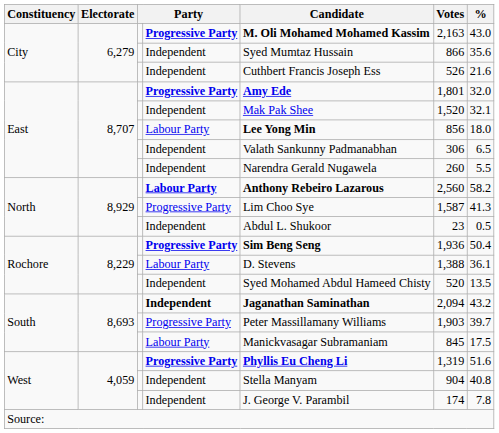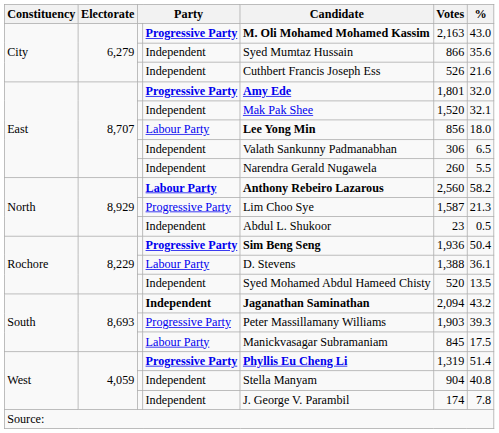 <table class="wikitable sortable">
 <tr>
 <th>Constituency</th>
 <th>Electorate</th>
 <th colspan="2">Party</th>
 <th>Candidate</th>
 <th>Votes</th>
 <th>%</th>
 </tr>
 <tr>
 <td rowspan="3">City</td>
 <td rowspan="3" align="right">6,279</td>
 <td style="color:inherit;background:"></td>
 <td><strong><a href='#'>Progressive Party</a></strong></td>
 <td><strong>M. Oli Mohamed Mohamed Kassim</strong></td>
 <td align="right">2,163</td>
 <td align=right>43.0</td>
 </tr>
 <tr>
 <td style="color:inherit;background:"></td>
 <td>Independent</td>
 <td>Syed Mumtaz Hussain</td>
 <td align="right">866</td>
 <td align=right>35.6</td>
 </tr>
 <tr>
 <td style="color:inherit;background:"></td>
 <td>Independent</td>
 <td>Cuthbert Francis Joseph Ess</td>
 <td align="right">526</td>
 <td>21.6</td>
 </tr>
 <tr>
 <td rowspan="5">East</td>
 <td rowspan="5" align="right">8,707</td>
 <td style="color:inherit;background:"></td>
 <td><strong><a href='#'>Progressive Party</a></strong></td>
 <td><strong><a href='#'>Amy Ede</a></strong></td>
 <td align="right">1,801</td>
 <td align=right>32.0</td>
 </tr>
 <tr>
 <td style="color:inherit;background:"></td>
 <td>Independent</td>
 <td><a href='#'>Mak Pak Shee</a></td>
 <td align="right">1,520</td>
 <td align=right>32.1</td>
 </tr>
 <tr>
 <td style="color:inherit;background:"></td>
 <td><a href='#'>Labour Party</a></td>
 <td><strong>Lee Yong Min</strong></td>
 <td align="right">856</td>
 <td align=right>18.0</td>
 </tr>
 <tr>
 <td style="color:inherit;background:"></td>
 <td>Independent</td>
 <td>Valath Sankunny Padmanabhan</td>
 <td align="right">306</td>
 <td align=right>6.5</td>
 </tr>
 <tr>
 <td style="color:inherit;background:"></td>
 <td>Independent</td>
 <td>Narendra Gerald Nugawela</td>
 <td align="right">260</td>
 <td align=right>5.5</td>
 </tr>
 <tr>
 <td rowspan="3">North</td>
 <td rowspan="3" align="right">8,929</td>
 <td style="color:inherit;background:"></td>
 <td><strong><a href='#'>Labour Party</a></strong></td>
 <td><strong>Anthony Rebeiro Lazarous</strong></td>
 <td align="right">2,560</td>
 <td align=right>58.2</td>
 </tr>
 <tr>
 <td style="color:inherit;background:"></td>
 <td><a href='#'>Progressive Party</a></td>
 <td>Lim Choo Sye</td>
 <td align="right">1,587</td>
-<td align=right>41.3</td>
+<td align=right>21.3</td>
 </tr>
 <tr>
 <td style="color:inherit;background:"></td>
 <td>Independent</td>
 <td>Abdul L. Shukoor</td>
 <td align="right">23</td>
 <td align=right>0.5</td>
 </tr>
 <tr>
 <td rowspan="3">Rochore</td>
 <td rowspan="3" align="right">8,229</td>
 <td style="color:inherit;background:"></td>
 <td><strong><a href='#'>Progressive Party</a></strong></td>
 <td><strong>Sim Beng Seng</strong></td>
 <td align="right">1,936</td>
 <td align=right>50.4</td>
 </tr>
 <tr>
 <td style="color:inherit;background:"></td>
 <td><a href='#'>Labour Party</a></td>
 <td>D. Stevens</td>
 <td align="right">1,388</td>
 <td align=right>36.1</td>
 </tr>
 <tr>
 <td style="color:inherit;background:"></td>
 <td>Independent</td>
 <td>Syed Mohamed Abdul Hameed Chisty</td>
 <td align="right">520</td>
 <td align=right>13.5</td>
 </tr>
 <tr>
 <td rowspan="3">South</td>
 <td rowspan="3" align="right">8,693</td>
 <td style="color:inherit;background:"></td>
 <td><strong>Independent</strong></td>
 <td><strong>Jaganathan Saminathan</strong></td>
 <td align="right">2,094</td>
 <td align=right>43.2</td>
 </tr>
 <tr>
 <td style="color:inherit;background:"></td>
 <td><a href='#'>Progressive Party</a></td>
 <td>Peter Massillamany Williams</td>
 <td align="right">1,903</td>
-<td align=right>39.7</td>
+<td align=right>39.3</td>
 </tr>
 <tr>
 <td style="color:inherit;background:"></td>
 <td><a href='#'>Labour Party</a></td>
 <td>Manickvasagar Subramaniam</td>
 <td align="right">845</td>
 <td align=right>17.5</td>
 </tr>
 <tr>
 <td rowspan="3">West</td>
 <td rowspan="3" align="right">4,059</td>
 <td style="color:inherit;background:"></td>
 <td><strong><a href='#'>Progressive Party</a></strong></td>
 <td><strong><a href='#'>Phyllis Eu Cheng Li</a></strong></td>
 <td align="right">1,319</td>
-<td align=right>51.6</td>
+<td align=right>51.4</td>
 </tr>
 <tr>
 <td style="color:inherit;background:"></td>
 <td>Independent</td>
 <td>Stella Manyam</td>
 <td align="right">904</td>
 <td align=right>40.8</td>
 </tr>
 <tr>
 <td style="color:inherit;background:"></td>
 <td>Independent</td>
 <td>J. George V. Parambil</td>
 <td align="right">174</td>
 <td align=right>7.8</td>
 </tr>
 <tr class="sortbottom">
 <td colspan="7">Source: </td>
 </tr>
 </table>
